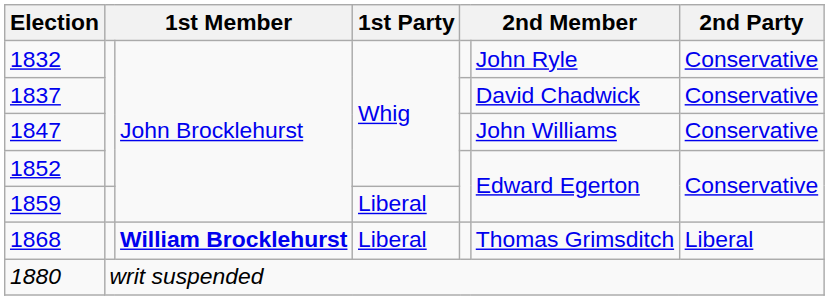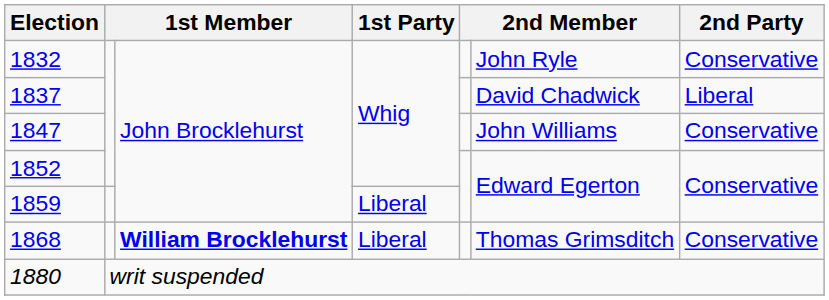 <table class="wikitable">
 <tr>
 <th>Election</th>
 <th colspan="2">1st Member</th>
 <th>1st Party</th>
 <th colspan="2">2nd Member</th>
 <th>2nd Party</th>
 </tr>
 <tr>
 <td><a href='#'>1832</a></td>
 <td rowspan="4" style="color:inherit;background-color: "></td>
 <td rowspan="5"><a href='#'>John Brocklehurst</a></td>
 <td rowspan="4"><a href='#'>Whig</a></td>
 <td style="color:inherit;background-color: "></td>
 <td><a href='#'>John Ryle</a></td>
 <td><a href='#'>Conservative</a></td>
 </tr>
 <tr>
 <td><a href='#'>1837</a></td>
 <td style="color:inherit;background-color: "></td>
 <td><a href='#'>David Chadwick</a></td>
-<td><a href='#'>Conservative</a></td>
+<td><a href='#'>Liberal</a></td>
 </tr>
 <tr>
 <td><a href='#'>1847</a></td>
 <td style="color:inherit;background-color: "></td>
 <td><a href='#'>John Williams</a></td>
 <td><a href='#'>Conservative</a></td>
 </tr>
 <tr>
 <td><a href='#'>1852</a></td>
 <td rowspan="2" style="color:inherit;background-color: "></td>
 <td rowspan="2"><a href='#'>Edward Egerton</a></td>
 <td rowspan="2"><a href='#'>Conservative</a></td>
 </tr>
 <tr>
 <td><a href='#'>1859</a></td>
 <td style="color:inherit;background-color: "></td>
 <td><a href='#'>Liberal</a></td>
 </tr>
 <tr>
 <td><a href='#'>1868</a></td>
 <td style="color:inherit;background-color: "></td>
 <td><strong><a href='#'>William Brocklehurst</a></strong></td>
 <td><a href='#'>Liberal</a></td>
 <td style="color:inherit;background-color: "></td>
 <td><a href='#'>Thomas Grimsditch</a></td>
-<td><a href='#'>Liberal</a></td>
+<td><a href='#'>Conservative</a></td>
 </tr>
 <tr>
 <td><em>1880</em></td>
 <td colspan="6"><em>writ suspended</em></td>
 </tr>
 </table>
